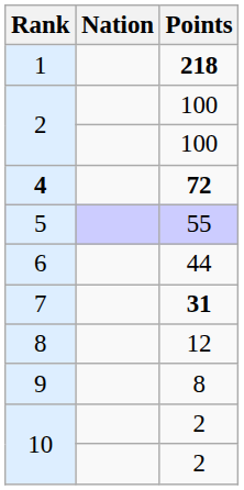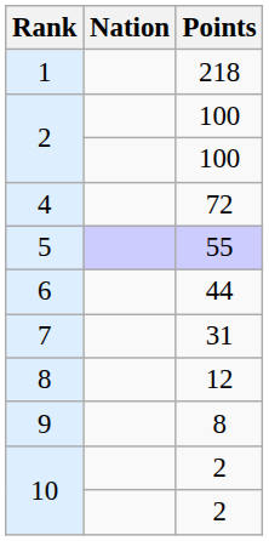 <table class="wikitable sortable" style="text-align:center">
 <tr>
 <th>Rank</th>
 <th>Nation</th>
 <th>Points</th>
 </tr>
 <tr>
 <td bgcolor = DDEEFF>1</td>
 <td align=left></td>
-<td><strong>218</strong></td>
+<td>218</td>
 </tr>
 <tr>
 <td rowspan="2" bgcolor = DDEEFF>2</td>
 <td align=left></td>
 <td>100</td>
 </tr>
 <tr>
 <td align=left></td>
 <td>100</td>
 </tr>
 <tr>
-<td bgcolor = DDEEFF><strong>4</strong></td>
+<td bgcolor = DDEEFF>4</td>
 <td align=left></td>
-<td><strong>72</strong></td>
+<td>72</td>
 </tr>
 <tr style="background-color:#ccccff">
 <td bgcolor = DDEEFF>5</td>
 <td align=left></td>
 <td>55</td>
 </tr>
 <tr>
 <td bgcolor = DDEEFF>6</td>
 <td align=left></td>
 <td>44</td>
 </tr>
 <tr>
 <td bgcolor = DDEEFF>7</td>
 <td align=left></td>
-<td><strong>31</strong></td>
+<td>31</td>
 </tr>
 <tr>
 <td bgcolor = DDEEFF>8</td>
 <td align=left></td>
 <td>12</td>
 </tr>
 <tr>
 <td bgcolor = DDEEFF>9</td>
 <td align=left></td>
 <td>8</td>
 </tr>
 <tr>
 <td rowspan="2" bgcolor = DDEEFF>10</td>
 <td align=left></td>
 <td>2</td>
 </tr>
 <tr>
 <td align=left></td>
 <td>2</td>
 </tr>
 </table>
